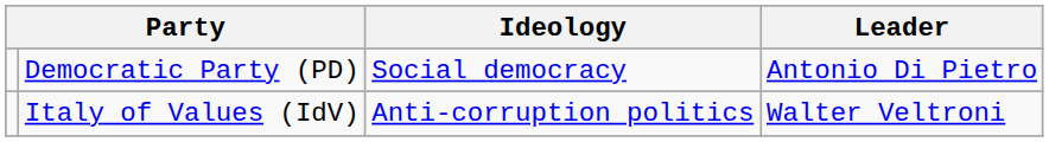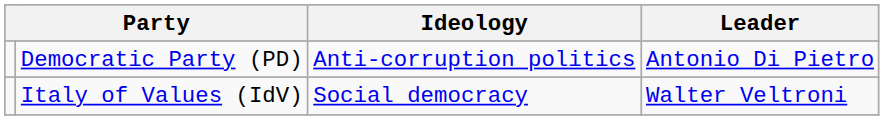 <table class=wikitable style=text-align:left>
 <tr>
 <th colspan=2>Party</th>
 <th>Ideology</th>
 <th>Leader</th>
 </tr>
 <tr>
 <td></td>
 <td><a href='#'>Democratic Party</a> (PD)</td>
-<td><a href='#'>Social democracy</a></td>
+<td><a href='#'>Anti-corruption politics</a></td>
 <td><a href='#'>Antonio Di Pietro</a></td>
 </tr>
 <tr>
 <td></td>
 <td><a href='#'>Italy of Values</a> (IdV)</td>
-<td><a href='#'>Anti-corruption politics</a></td>
+<td><a href='#'>Social democracy</a></td>
 <td><a href='#'>Walter Veltroni</a></td>
 </tr>
 </table>
